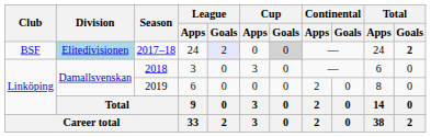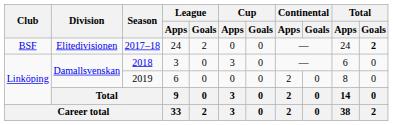 <table class="wikitable" style="font-size:90%; text-align:center;">
 <tr>
 <th rowspan="2">Club</th>
 <th rowspan="2">Division</th>
 <th rowspan="2">Season</th>
 <th colspan="2">League</th>
 <th colspan="2">Cup</th>
 <th colspan="2">Continental</th>
 <th colspan="2">Total</th>
 </tr>
 <tr>
 <th>Apps</th>
 <th>Goals</th>
 <th>Apps</th>
 <th>Goals</th>
 <th>Apps</th>
 <th>Goals</th>
 <th>Apps</th>
 <th>Goals</th>
 </tr>
 <tr>
 <td><a href='#'>BSF</a></td>
-<td style="background: lightblue;"><a href='#'>Elitedivisionen</a></td>
+<td><a href='#'>Elitedivisionen</a></td>
 <td><a href='#'>2017–18</a></td>
 <td>24</td>
-<td style="background: lavender;">2</td>
+<td>2</td>
 <td>0</td>
-<td style="background: lightgrey;">0</td>
+<td>0</td>
 <td colspan="2">—</td>
 <td>24</td>
 <td><strong>2</strong></td>
 </tr>
 <tr>
 <td rowspan="3"><a href='#'>Linköping</a></td>
 <td rowspan="2"><a href='#'>Damallsvenskan</a></td>
 <td><a href='#'>2018</a></td>
 <td>3</td>
 <td>0</td>
 <td>3</td>
 <td>0</td>
 <td colspan="2">—</td>
 <td>6</td>
 <td>0</td>
 </tr>
 <tr>
 <td>2019</td>
 <td>6</td>
 <td>0</td>
 <td>0</td>
 <td>0</td>
 <td>2</td>
 <td>0</td>
 <td>8</td>
 <td>0</td>
 </tr>
 <tr>
 <th colspan=2>Total</th>
 <th>9</th>
 <th>0</th>
 <th>3</th>
 <th>0</th>
 <th>2</th>
 <th>0</th>
 <th>14</th>
 <th>0</th>
 </tr>
 <tr>
 <th colspan=3>Career total</th>
 <th>33</th>
 <th>2</th>
 <th>3</th>
 <th>0</th>
 <th>2</th>
 <th>0</th>
 <th>38</th>
 <th>2</th>
 </tr>
 </table>
